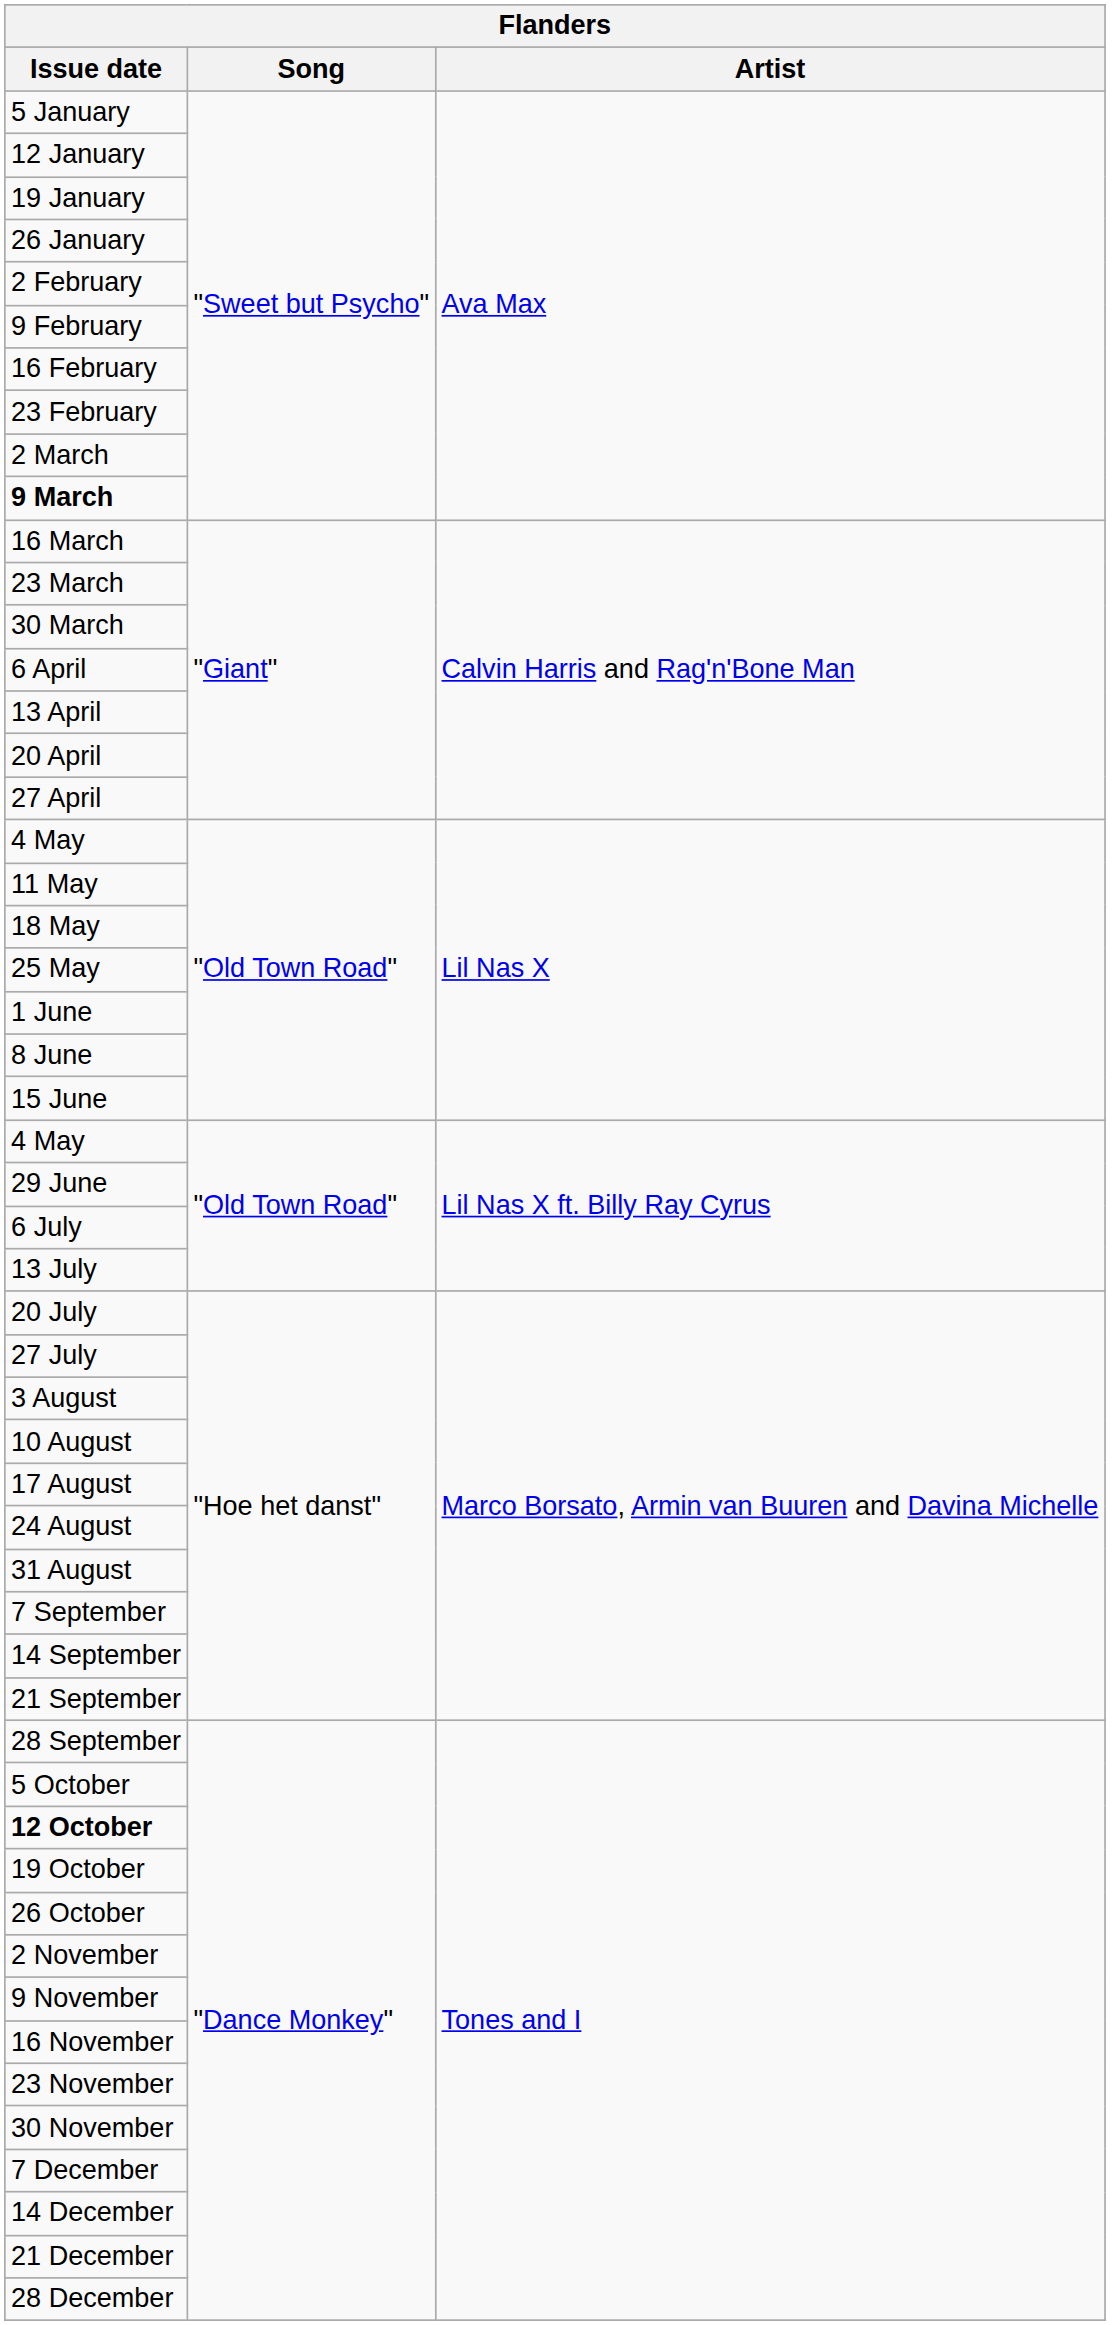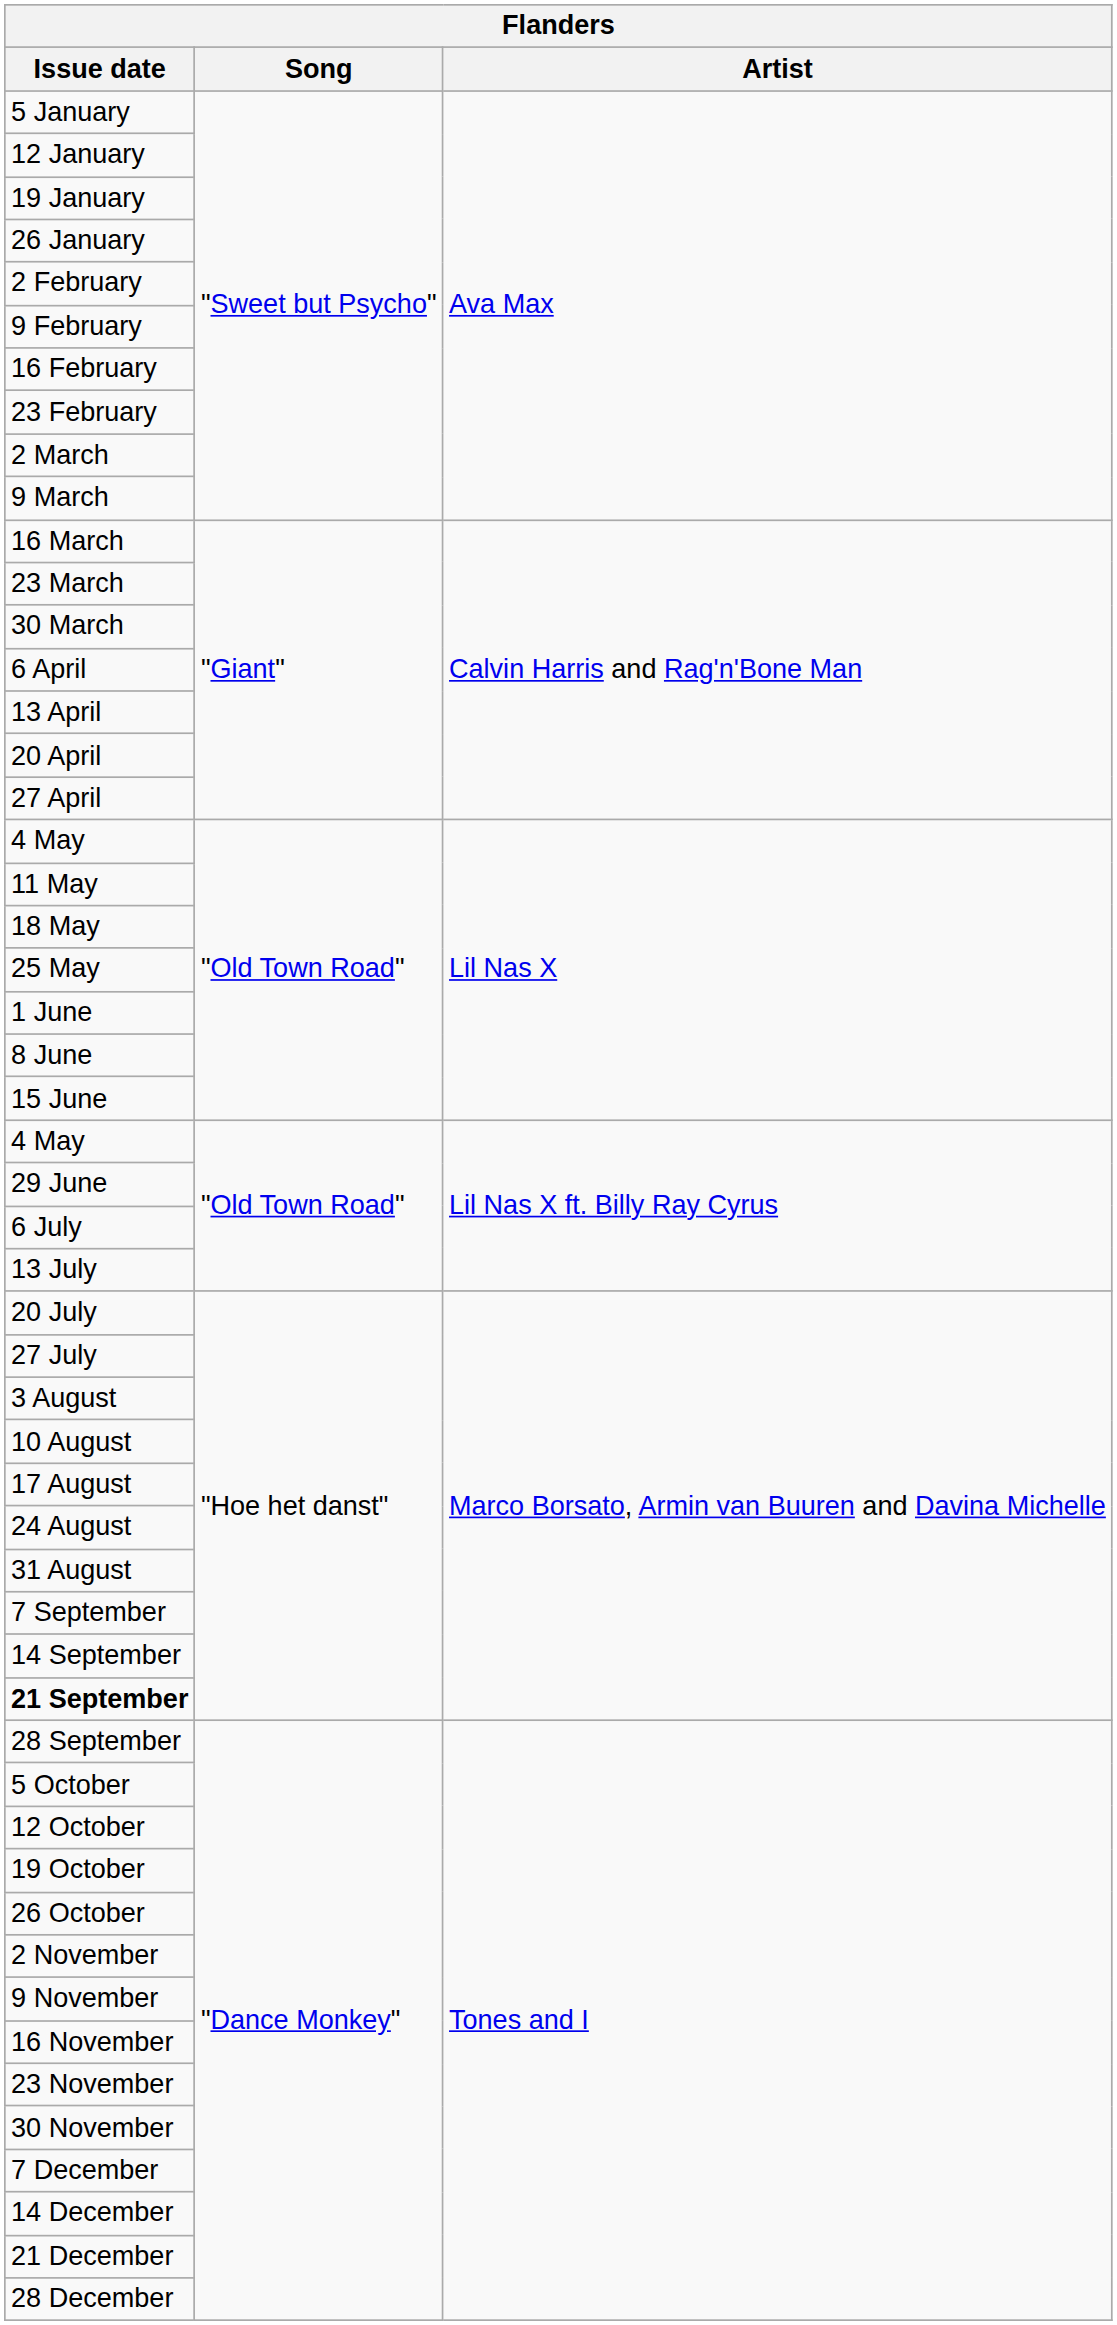 <table class="wikitable">
 <tr>
 <th colspan="4">Flanders</th>
 </tr>
 <tr>
 <th>Issue date</th>
 <th>Song</th>
 <th>Artist</th>
 </tr>
 <tr>
 <td>5 January</td>
 <td rowspan="10">"<a href='#'>Sweet but Psycho</a>"</td>
 <td rowspan="10"><a href='#'>Ava Max</a></td>
 </tr>
 <tr>
 <td>12 January</td>
 </tr>
 <tr>
 <td>19 January</td>
 </tr>
 <tr>
 <td>26 January</td>
 </tr>
 <tr>
 <td>2 February</td>
 </tr>
 <tr>
 <td>9 February</td>
 </tr>
 <tr>
 <td>16 February</td>
 </tr>
 <tr>
 <td>23 February</td>
 </tr>
 <tr>
 <td>2 March</td>
 </tr>
 <tr>
-<td><strong>9 March</strong></td>
+<td>9 March</td>
 </tr>
 <tr>
 <td>16 March</td>
 <td rowspan="7">"<a href='#'>Giant</a>"</td>
 <td rowspan="7"><a href='#'>Calvin Harris</a> and <a href='#'>Rag'n'Bone Man</a></td>
 </tr>
 <tr>
 <td>23 March</td>
 </tr>
 <tr>
 <td>30 March</td>
 </tr>
 <tr>
 <td>6 April</td>
 </tr>
 <tr>
 <td>13 April</td>
 </tr>
 <tr>
 <td>20 April</td>
 </tr>
 <tr>
 <td>27 April</td>
 </tr>
 <tr>
 <td>4 May</td>
 <td rowspan="7">"<a href='#'>Old Town Road</a>"</td>
 <td rowspan="7"><a href='#'>Lil Nas X</a></td>
 </tr>
 <tr>
 <td>11 May</td>
 </tr>
 <tr>
 <td>18 May</td>
 </tr>
 <tr>
 <td>25 May</td>
 </tr>
 <tr>
 <td>1 June</td>
 </tr>
 <tr>
 <td>8 June</td>
 </tr>
 <tr>
 <td>15 June</td>
 </tr>
 <tr>
 <td 22 June>4 May</td>
 <td rowspan="4">"<a href='#'>Old Town Road</a>"</td>
 <td rowspan="4"><a href='#'>Lil Nas X ft. Billy Ray Cyrus</a></td>
 </tr>
 <tr>
 <td>29 June</td>
 </tr>
 <tr>
 <td>6 July</td>
 </tr>
 <tr>
 <td>13 July</td>
 </tr>
 <tr>
 <td>20 July</td>
 <td rowspan="10">"Hoe het danst"</td>
 <td rowspan="10"><a href='#'>Marco Borsato</a>, <a href='#'>Armin van Buuren</a> and <a href='#'>Davina Michelle</a></td>
 </tr>
 <tr>
 <td>27 July</td>
 </tr>
 <tr>
 <td>3 August</td>
 </tr>
 <tr>
 <td>10 August</td>
 </tr>
 <tr>
 <td>17 August</td>
 </tr>
 <tr>
 <td>24 August</td>
 </tr>
 <tr>
 <td>31 August</td>
 </tr>
 <tr>
 <td>7 September</td>
 </tr>
 <tr>
 <td>14 September</td>
 </tr>
 <tr>
-<td>21 September</td>
+<td><strong>21 September</strong></td>
 </tr>
 <tr>
 <td>28 September</td>
 <td rowspan="14">"<a href='#'>Dance Monkey</a>"</td>
 <td rowspan="14"><a href='#'>Tones and I</a></td>
 </tr>
 <tr>
 <td>5 October</td>
 </tr>
 <tr>
-<td><strong>12 October</strong></td>
+<td>12 October</td>
 </tr>
 <tr>
 <td>19 October</td>
 </tr>
 <tr>
 <td>26 October</td>
 </tr>
 <tr>
 <td>2 November</td>
 </tr>
 <tr>
 <td>9 November</td>
 </tr>
 <tr>
 <td>16 November</td>
 </tr>
 <tr>
 <td>23 November</td>
 </tr>
 <tr>
 <td>30 November</td>
 </tr>
 <tr>
 <td>7 December</td>
 </tr>
 <tr>
 <td>14 December</td>
 </tr>
 <tr>
 <td>21 December</td>
 </tr>
 <tr>
 <td>28 December</td>
 </tr>
 </table>
